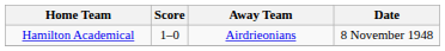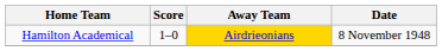 <table class="wikitable" style="text-align:center;">
 <tr>
 <th width=175>Home Team</th>
 <th width=20>Score</th>
 <th width=175>Away Team</th>
 <th width= 125>Date</th>
 </tr>
 <tr>
 <td><a href='#'>Hamilton Academical</a></td>
 <td>1–0</td>
-<td><a href='#'>Airdrieonians</a></td>
+<td style="background: gold;"><a href='#'>Airdrieonians</a></td>
 <td>8 November 1948</td>
 </tr>
 <tr>
 </tr>
 </table>
